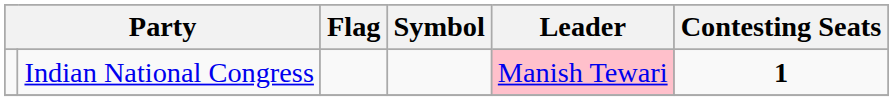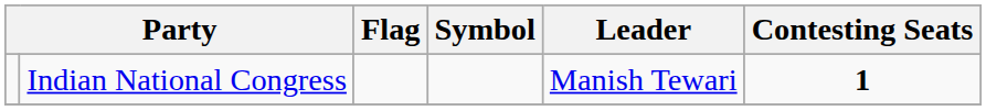 <table class="wikitable" style="text-align:center">
 <tr>
 <th colspan="2">Party</th>
 <th>Flag</th>
 <th>Symbol</th>
 <th>Leader</th>
 <th>Contesting Seats</th>
 </tr>
 <tr>
 <td></td>
 <td><a href='#'>Indian National Congress</a></td>
 <td></td>
 <td></td>
-<td style="background: pink;"><a href='#'>Manish Tewari</a></td>
+<td><a href='#'>Manish Tewari</a></td>
 <td><strong>1</strong></td>
 </tr>
 <tr>
 </tr>
 </table>
